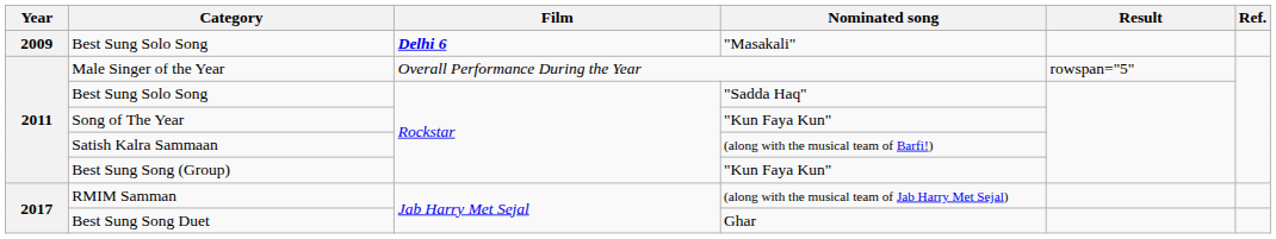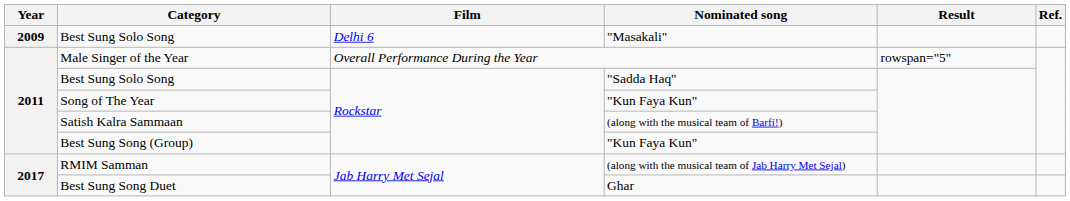 <table class="wikitable plainrowheaders" width="100%" "textcolor:#000;">
 <tr>
 <th scope="col" width=5%><strong>Year</strong></th>
 <th scope="col" width=26%><strong>Category</strong></th>
 <th scope="col" width=26%><strong>Film</strong></th>
 <th scope="col" width=26%><strong>Nominated song</strong></th>
 <th scope="col" width=15%><strong>Result</strong></th>
 <th scope="col" width=2%><strong>Ref.</strong></th>
 </tr>
 <tr>
 <th scope="row">2009</th>
 <td>Best Sung Solo Song</td>
-<td><strong><em><a href='#'>Delhi 6</a></em></strong></td>
+<td><em><a href='#'>Delhi 6</a></em></td>
 <td>"Masakali"</td>
 <td></td>
 <td></td>
 </tr>
 <tr>
 <th scope="row" rowspan="5">2011</th>
 <td>Male Singer of the Year</td>
 <td colspan="2"><em>Overall Performance During the Year</em></td>
 <td>rowspan="5" </td>
 <td rowspan="5"></td>
 </tr>
 <tr>
 <td>Best Sung Solo Song</td>
 <td rowspan="4"><em><a href='#'>Rockstar</a></em></td>
 <td>"Sadda Haq"</td>
 </tr>
 <tr>
 <td>Song of The Year</td>
 <td>"Kun Faya Kun"</td>
 </tr>
 <tr>
 <td>Satish Kalra Sammaan</td>
 <td><small>(along with the musical team of <a href='#'>Barfi!</a>)</small></td>
 </tr>
 <tr>
 <td>Best Sung Song (Group)</td>
 <td>"Kun Faya Kun"</td>
 </tr>
 <tr>
 <th rowspan="2">2017</th>
 <td>RMIM Samman</td>
 <td rowspan="2"><em><a href='#'>Jab Harry Met Sejal</a></em></td>
 <td><small>(along with the musical team of <a href='#'>Jab Harry Met Sejal</a>)</small></td>
 <td></td>
 <td></td>
 </tr>
 <tr>
 <td>Best Sung Song Duet</td>
 <td>Ghar</td>
 <td></td>
 <td></td>
 </tr>
 </table>
